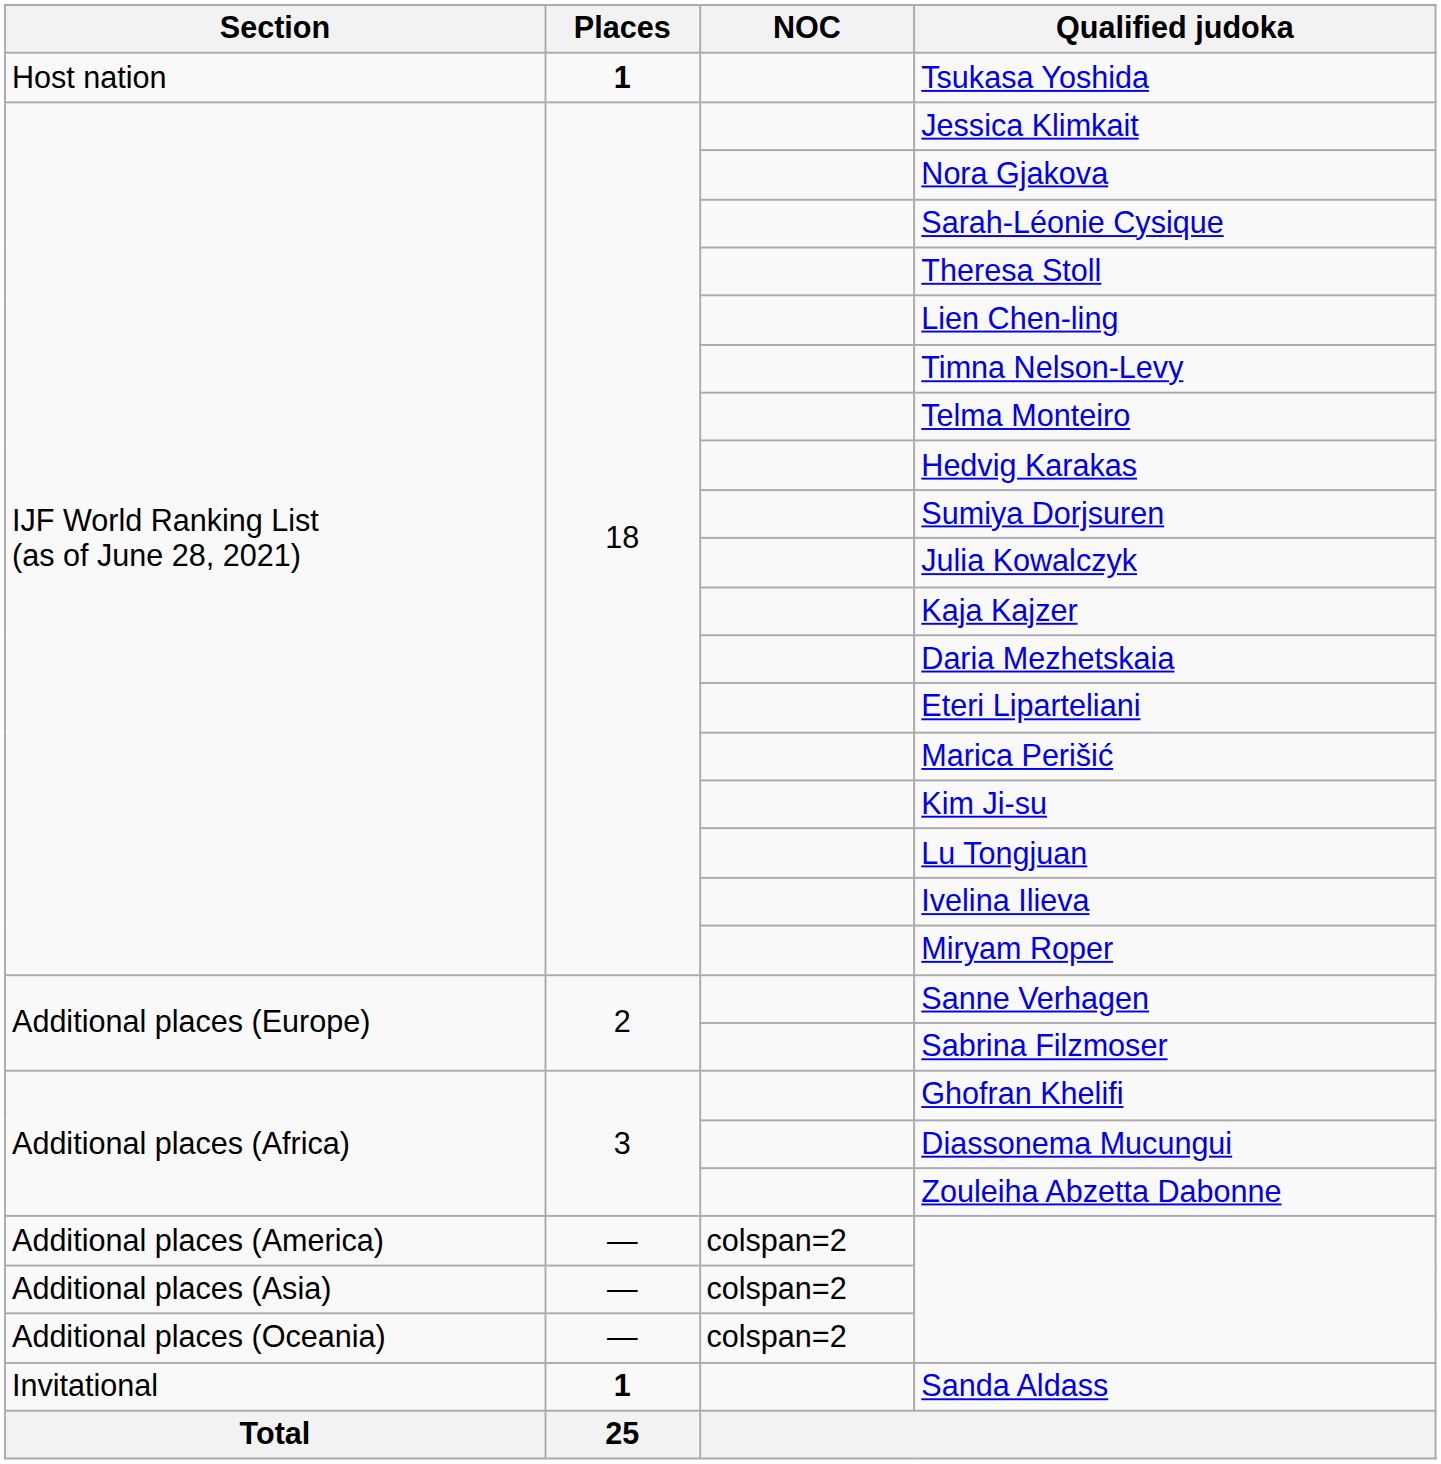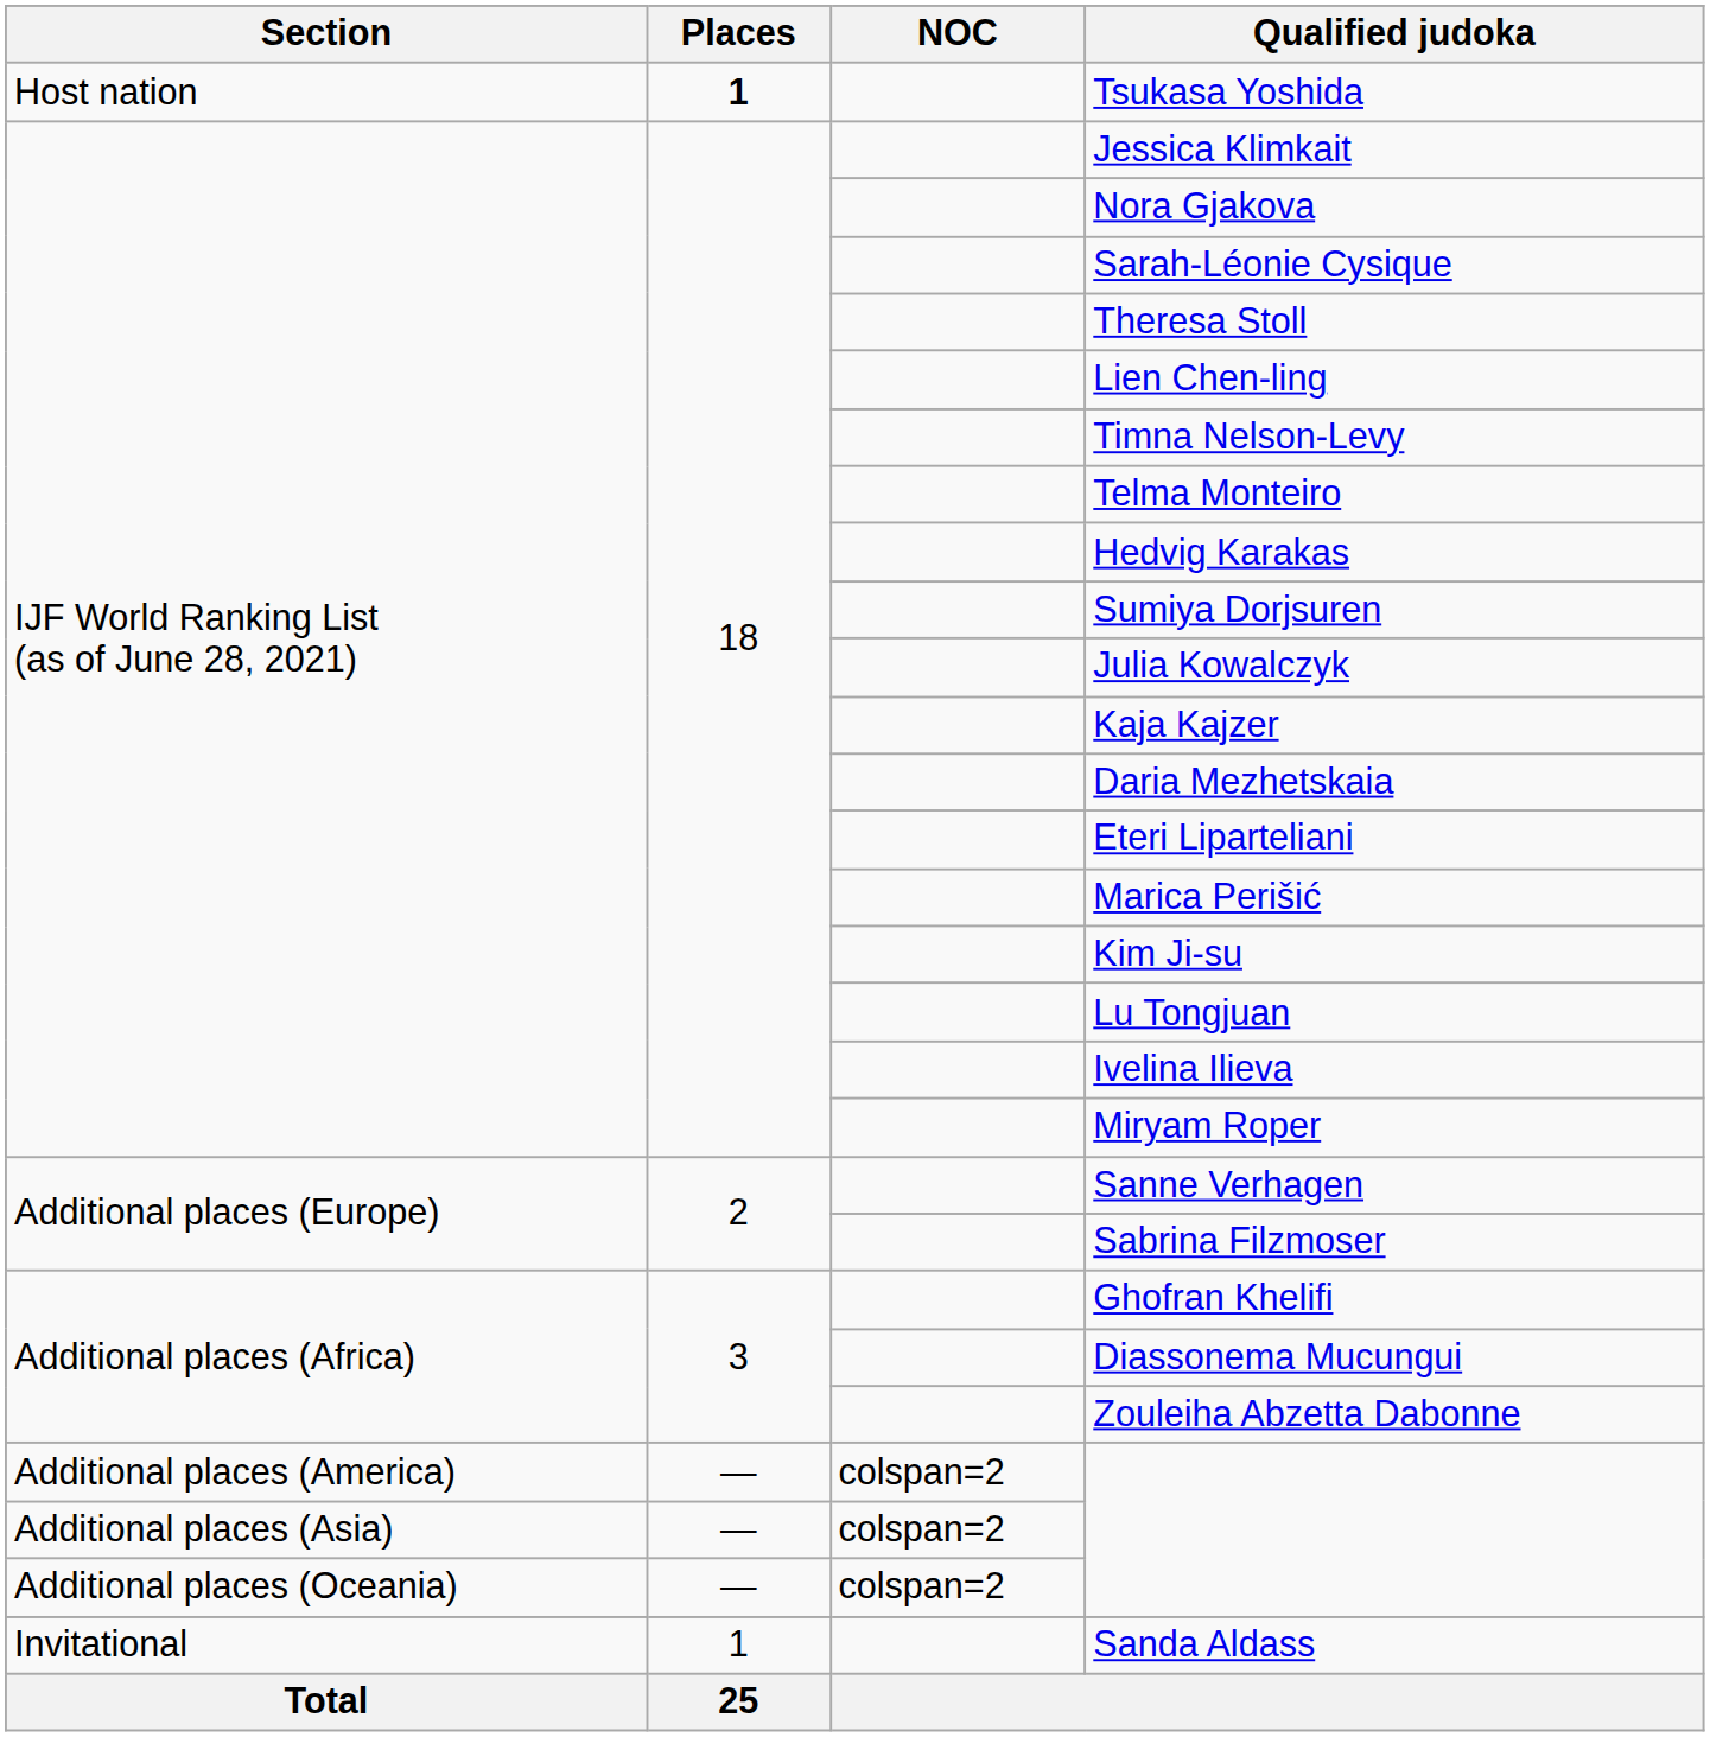 <table class="wikitable"  width=750>
 <tr>
 <th>Section</th>
 <th>Places</th>
 <th>NOC</th>
 <th>Qualified judoka</th>
 </tr>
 <tr>
 <td>Host nation</td>
 <td align=center><strong>1</strong></td>
 <td></td>
 <td><a href='#'>Tsukasa Yoshida</a></td>
 </tr>
 <tr>
 <td rowspan=18>IJF World Ranking List<br>(as of June 28, 2021)</td>
 <td rowspan=18 align=center>18</td>
 <td></td>
 <td><a href='#'>Jessica Klimkait</a></td>
 </tr>
 <tr>
 <td></td>
 <td><a href='#'>Nora Gjakova</a></td>
 </tr>
 <tr>
 <td></td>
 <td><a href='#'>Sarah-Léonie Cysique</a></td>
 </tr>
 <tr>
 <td></td>
 <td><a href='#'>Theresa Stoll</a></td>
 </tr>
 <tr>
 <td></td>
 <td><a href='#'>Lien Chen-ling</a></td>
 </tr>
 <tr>
 <td></td>
 <td><a href='#'>Timna Nelson-Levy</a></td>
 </tr>
 <tr>
 <td></td>
 <td><a href='#'>Telma Monteiro</a></td>
 </tr>
 <tr>
 <td></td>
 <td><a href='#'>Hedvig Karakas</a></td>
 </tr>
 <tr>
 <td></td>
 <td><a href='#'>Sumiya Dorjsuren</a></td>
 </tr>
 <tr>
 <td></td>
 <td><a href='#'>Julia Kowalczyk</a></td>
 </tr>
 <tr>
 <td></td>
 <td><a href='#'>Kaja Kajzer</a></td>
 </tr>
 <tr>
 <td></td>
 <td><a href='#'>Daria Mezhetskaia</a></td>
 </tr>
 <tr>
 <td></td>
 <td><a href='#'>Eteri Liparteliani</a></td>
 </tr>
 <tr>
 <td></td>
 <td><a href='#'>Marica Perišić</a></td>
 </tr>
 <tr>
 <td></td>
 <td><a href='#'>Kim Ji-su</a></td>
 </tr>
 <tr>
 <td></td>
 <td><a href='#'>Lu Tongjuan</a></td>
 </tr>
 <tr>
 <td></td>
 <td><a href='#'>Ivelina Ilieva</a></td>
 </tr>
 <tr>
 <td></td>
 <td><a href='#'>Miryam Roper</a></td>
 </tr>
 <tr>
 <td rowspan=2>Additional places (Europe)</td>
 <td rowspan=2 align=center>2</td>
 <td></td>
 <td><a href='#'>Sanne Verhagen</a></td>
 </tr>
 <tr>
 <td></td>
 <td><a href='#'>Sabrina Filzmoser</a></td>
 </tr>
 <tr>
 <td rowspan=3>Additional places (Africa)</td>
 <td rowspan=3 align=center>3</td>
 <td></td>
 <td><a href='#'>Ghofran Khelifi</a></td>
 </tr>
 <tr>
 <td></td>
 <td><a href='#'>Diassonema Mucungui</a></td>
 </tr>
 <tr>
 <td></td>
 <td><a href='#'>Zouleiha Abzetta Dabonne</a></td>
 </tr>
 <tr>
 <td rowspan=1>Additional places (America)</td>
 <td align=center>—</td>
 <td>colspan=2 </td>
 </tr>
 <tr>
 <td>Additional places (Asia)</td>
 <td align=center>—</td>
 <td>colspan=2 </td>
 </tr>
 <tr>
 <td>Additional places (Oceania)</td>
 <td align=center>—</td>
 <td>colspan=2 </td>
 </tr>
 <tr>
 <td rowspan=1>Invitational</td>
-<td rowspan=1 align=center><strong>1</strong></td>
+<td rowspan=1 align=center>1</td>
 <td></td>
 <td><a href='#'>Sanda Aldass</a></td>
 </tr>
 <tr>
 <th>Total</th>
 <th>25</th>
 <th colspan=2></th>
 </tr>
 </table>
